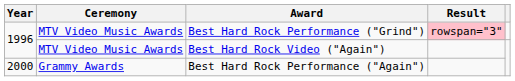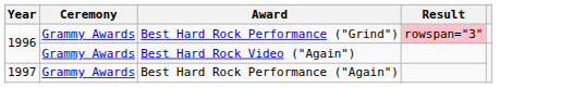 <table class="wikitable">
 <tr>
 <th>Year</th>
 <th>Ceremony</th>
 <th>Award</th>
 <th>Result</th>
 <th></th>
 </tr>
 <tr>
 <td rowspan="2">1996</td>
-<td><a href='#'>MTV Video Music Awards</a></td>
+<td><a href='#'>Grammy Awards</a></td>
 <td><a href='#'>Best Hard Rock Performance</a> ("Grind")</td>
 <td style="background: pink;">rowspan="3" </td>
 <td></td>
 </tr>
 <tr>
-<td><a href='#'>MTV Video Music Awards</a></td>
+<td><a href='#'>Grammy Awards</a></td>
 <td><a href='#'>Best Hard Rock Video</a> ("Again")</td>
 <td></td>
 </tr>
 <tr>
-<td>2000</td>
+<td>1997</td>
 <td><a href='#'>Grammy Awards</a></td>
 <td>Best Hard Rock Performance ("Again")</td>
 <td></td>
 </tr>
 </table>
